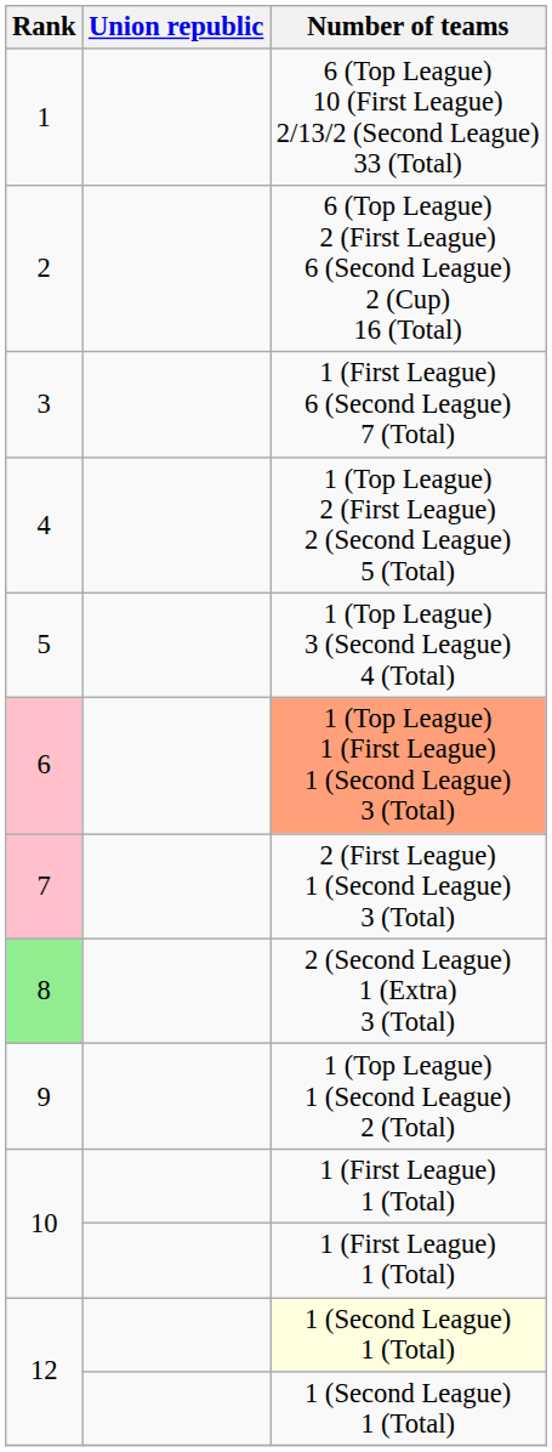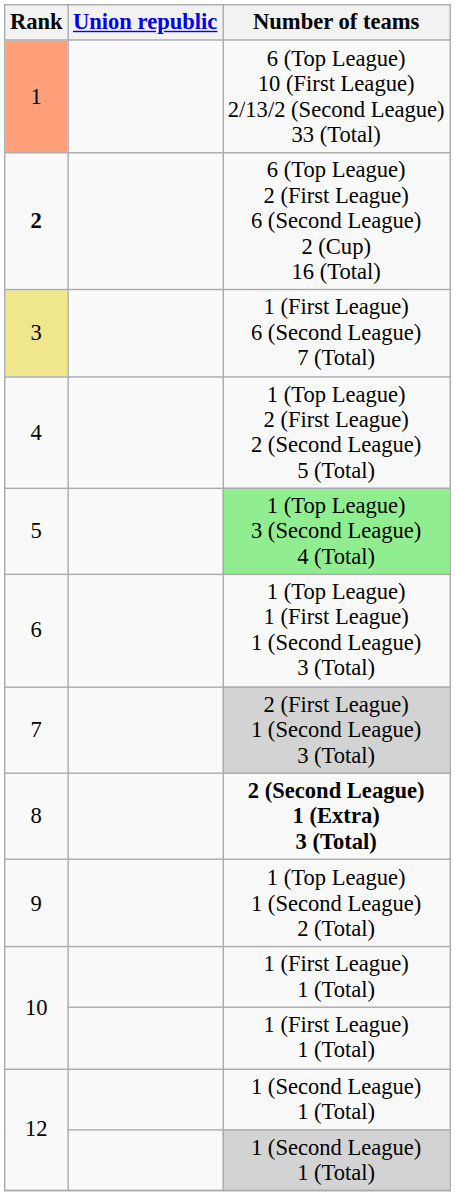 <table class="wikitable">
 <tr>
 <th>Rank</th>
 <th><a href='#'>Union republic</a></th>
 <th>Number of teams</th>
 </tr>
 <tr>
-<td align="center" rowspan=1>1</td>
+<td align="center" rowspan=1 style="background: lightsalmon;">1</td>
 <td></td>
 <td align="center" rowspan=1>6 (Top League)<br>10 (First League)<br>2/13/2 (Second League)<br>33 (Total)</td>
 </tr>
 <tr>
-<td align="center" rowspan=1>2</td>
+<td align="center" rowspan=1><strong>2</strong></td>
 <td></td>
 <td align="center" rowspan=1>6 (Top League)<br>2 (First League)<br>6 (Second League)<br>2 (Cup)<br>16 (Total)</td>
 </tr>
 <tr>
-<td align="center" rowspan=1>3</td>
+<td align="center" rowspan=1 style="background: khaki;">3</td>
 <td></td>
 <td align="center" rowspan=1>1 (First League)<br>6 (Second League)<br>7 (Total)</td>
 </tr>
 <tr>
 <td align="center" rowspan=1>4</td>
 <td></td>
 <td align="center" rowspan=1>1 (Top League)<br>2 (First League)<br>2 (Second League)<br>5 (Total)</td>
 </tr>
 <tr>
 <td align="center" rowspan=1>5</td>
 <td></td>
-<td align="center" rowspan=1>1 (Top League)<br>3 (Second League)<br>4 (Total)</td>
+<td align="center" rowspan=1 style="background: lightgreen;">1 (Top League)<br>3 (Second League)<br>4 (Total)</td>
 </tr>
 <tr>
-<td align="center" rowspan=1 style="background: pink;">6</td>
+<td align="center" rowspan=1>6</td>
 <td></td>
-<td align="center" rowspan=1 style="background: lightsalmon;">1 (Top League)<br>1 (First League)<br>1 (Second League)<br>3 (Total)</td>
+<td align="center" rowspan=1>1 (Top League)<br>1 (First League)<br>1 (Second League)<br>3 (Total)</td>
 </tr>
 <tr>
-<td align="center" rowspan=1 style="background: pink;">7</td>
+<td align="center" rowspan=1>7</td>
 <td></td>
-<td align="center" rowspan=1>2 (First League)<br>1 (Second League)<br>3 (Total)</td>
+<td align="center" rowspan=1 style="background: lightgrey;">2 (First League)<br>1 (Second League)<br>3 (Total)</td>
 </tr>
 <tr>
-<td align="center" rowspan=1 style="background: lightgreen;">8</td>
+<td align="center" rowspan=1>8</td>
 <td></td>
-<td align="center" rowspan=1>2 (Second League)<br>1 (Extra)<br>3 (Total)</td>
+<td align="center" rowspan=1><strong>2 (Second League)<br>1 (Extra)<br>3 (Total)</strong></td>
 </tr>
 <tr>
 <td align="center" rowspan=1>9</td>
 <td></td>
 <td align="center" rowspan=1>1 (Top League)<br>1 (Second League)<br>2 (Total)</td>
 </tr>
 <tr>
 <td align="center" rowspan=2>10</td>
 <td></td>
 <td align="center" rowspan=1>1 (First League)<br>1 (Total)</td>
 </tr>
 <tr>
 <td></td>
 <td align="center" rowspan=1>1 (First League)<br>1 (Total)</td>
 </tr>
 <tr>
 <td align="center" rowspan=2>12</td>
 <td></td>
-<td align="center" rowspan=1 style="background: lightyellow;">1 (Second League)<br>1 (Total)</td>
+<td align="center" rowspan=1>1 (Second League)<br>1 (Total)</td>
 </tr>
 <tr>
 <td></td>
-<td align="center" rowspan=1>1 (Second League)<br>1 (Total)</td>
+<td align="center" rowspan=1 style="background: lightgrey;">1 (Second League)<br>1 (Total)</td>
 </tr>
 <tr>
 </tr>
 </table>
